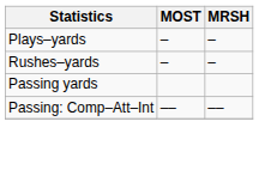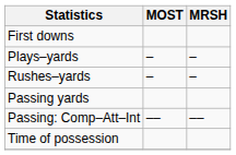 <table class="wikitable" style="float: left;">
 <tr>
 <th>Statistics</th>
 <th>MOST</th>
 <th>MRSH</th>
+</tr>
+<tr>
+<td>First downs</td>
+<td></td>
+<td></td>
 </tr>
 <tr>
 <td>Plays–yards</td>
 <td>–</td>
 <td>–</td>
 </tr>
 <tr>
 <td>Rushes–yards</td>
 <td>–</td>
 <td>–</td>
 </tr>
 <tr>
 <td>Passing yards</td>
 <td></td>
 <td></td>
 </tr>
 <tr>
 <td>Passing: Comp–Att–Int</td>
 <td>––</td>
 <td>––</td>
 </tr>
 <tr>
+<td>Time of possession</td>
+<td></td>
+<td></td>
+</tr>
+<tr>
 </tr>
 </table>
